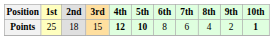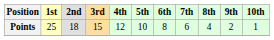 <table class="wikitable" style="font-size:85%; text-align:center">
 <tr>
 <th>Position</th>
 <td style="background:#ffffbf"> <strong>1st</strong> </td>
 <td style="background:#dfdfdf"> <strong>2nd</strong> </td>
 <td style="background:#ffdf9f"> <strong>3rd</strong> </td>
 <td style="background:#dfffdf"> <strong>4th</strong> </td>
 <td style="background:#dfffdf"> <strong>5th</strong> </td>
 <td style="background:#dfffdf"> <strong>6th</strong> </td>
 <td style="background:#dfffdf"> <strong>7th</strong> </td>
 <td style="background:#dfffdf"> <strong>8th</strong> </td>
 <td style="background:#dfffdf"> <strong>9th</strong> </td>
 <td style="background:#dfffdf"> <strong>10th</strong> </td>
 </tr>
 <tr>
 <th>Points</th>
 <td style="background:#ffffbf">25</td>
 <td style="background:#dfdfdf">18</td>
 <td style="background:#ffdf9f">15</td>
-<td style="background:#dfffdf"><strong>12</strong></td>
-<td style="background:#dfffdf"><strong>10</strong></td>
+<td style="background:#dfffdf">12</td>
+<td style="background:#dfffdf">10</td>
 <td style="background:#dfffdf">8</td>
 <td style="background:#dfffdf">6</td>
 <td style="background:#dfffdf">4</td>
 <td style="background:#dfffdf">2</td>
-<td style="background:#dfffdf"><strong>1</strong></td>
+<td style="background:#dfffdf">1</td>
 </tr>
 <tr>
 </tr>
 </table>
